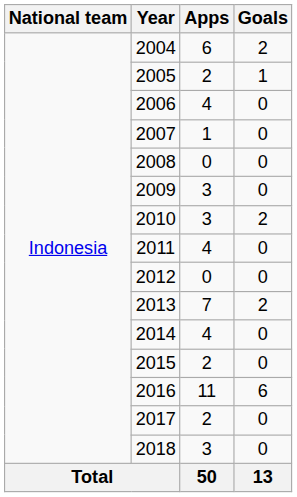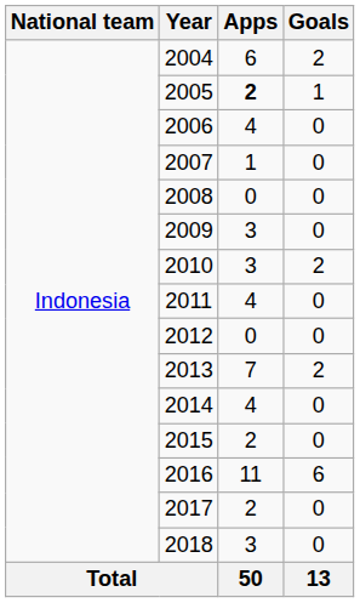 <table class="wikitable" style="text-align:center">
 <tr>
 <th>National team</th>
 <th>Year</th>
 <th>Apps</th>
 <th>Goals</th>
 </tr>
 <tr>
 <td rowspan=15><a href='#'>Indonesia</a></td>
 <td>2004</td>
 <td>6</td>
 <td>2</td>
 </tr>
 <tr>
 <td>2005</td>
-<td>2</td>
+<td><strong>2</strong></td>
 <td>1</td>
 </tr>
 <tr>
 <td>2006</td>
 <td>4</td>
 <td>0</td>
 </tr>
 <tr>
 <td>2007</td>
 <td>1</td>
 <td>0</td>
 </tr>
 <tr>
 <td>2008</td>
 <td>0</td>
 <td>0</td>
 </tr>
 <tr>
 <td>2009</td>
 <td>3</td>
 <td>0</td>
 </tr>
 <tr>
 <td>2010</td>
 <td>3</td>
 <td>2</td>
 </tr>
 <tr>
 <td>2011</td>
 <td>4</td>
 <td>0</td>
 </tr>
 <tr>
 <td>2012</td>
 <td>0</td>
 <td>0</td>
 </tr>
 <tr>
 <td>2013</td>
 <td>7</td>
 <td>2</td>
 </tr>
 <tr>
 <td>2014</td>
 <td>4</td>
 <td>0</td>
 </tr>
 <tr>
 <td>2015</td>
 <td>2</td>
 <td>0</td>
 </tr>
 <tr>
 <td>2016</td>
 <td>11</td>
 <td>6</td>
 </tr>
 <tr>
 <td>2017</td>
 <td>2</td>
 <td>0</td>
 </tr>
 <tr>
 <td>2018</td>
 <td>3</td>
 <td>0</td>
 </tr>
 <tr>
 <th colspan=2>Total</th>
 <th>50</th>
 <th>13</th>
 </tr>
 </table>
